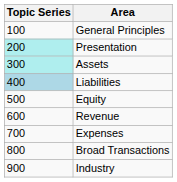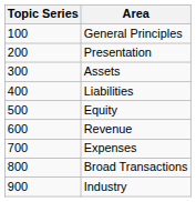 <table class="wikitable">
 <tr>
 <th>Topic Series</th>
 <th>Area</th>
 </tr>
 <tr>
 <td>100</td>
 <td>General Principles</td>
 </tr>
 <tr>
-<td style="background: paleturquoise;">200</td>
+<td>200</td>
 <td>Presentation</td>
 </tr>
 <tr>
-<td style="background: paleturquoise;">300</td>
+<td>300</td>
 <td>Assets</td>
 </tr>
 <tr>
-<td style="background: lightblue;">400</td>
+<td>400</td>
 <td>Liabilities</td>
 </tr>
 <tr>
 <td>500</td>
 <td>Equity</td>
 </tr>
 <tr>
 <td>600</td>
 <td>Revenue</td>
 </tr>
 <tr>
 <td>700</td>
 <td>Expenses</td>
 </tr>
 <tr>
 <td>800</td>
 <td>Broad Transactions</td>
 </tr>
 <tr>
 <td>900</td>
 <td>Industry</td>
 </tr>
 </table>
